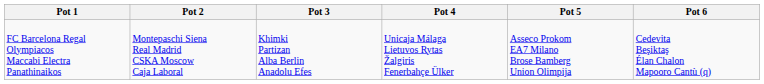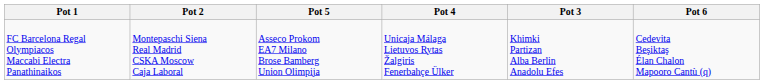 <table class="wikitable" style="width:98%">
 <tr>
 <th width=16%><strong>Pot 1</strong></th>
 <th width=16%><strong>Pot 2</strong></th>
+<th width=16%><strong>Pot 5</strong></th>
+<th width=16%><strong>Pot 4</strong></th>
 <th width=16%><strong>Pot 3</strong></th>
-<th width=16%><strong>Pot 4</strong></th>
-<th width=16%><strong>Pot 5</strong></th>
 <th width=16%><strong>Pot 6</strong></th>
 </tr>
 <tr>
 <td><br> <a href='#'>FC Barcelona Regal</a> <br>  <a href='#'>Olympiacos</a><br>  <a href='#'>Maccabi Electra</a><br>  <a href='#'>Panathinaikos</a><br></td>
 <td><br> <a href='#'>Montepaschi Siena</a><br>  <a href='#'>Real Madrid</a><br>  <a href='#'>CSKA Moscow</a><br>  <a href='#'>Caja Laboral</a><br></td>
+<td><br> <a href='#'>Asseco Prokom</a> <br>  <a href='#'>EA7 Milano</a><br>  <a href='#'>Brose Bamberg</a><br>  <a href='#'>Union Olimpija</a> <br></td>
+<td><br> <a href='#'>Unicaja Málaga</a><br>  <a href='#'>Lietuvos Rytas</a><br>  <a href='#'>Žalgiris</a><br>  <a href='#'>Fenerbahçe Ülker</a></td>
 <td><br> <a href='#'>Khimki</a><br>  <a href='#'>Partizan</a><br>  <a href='#'>Alba Berlin</a><br>  <a href='#'>Anadolu Efes</a></td>
-<td><br> <a href='#'>Unicaja Málaga</a><br>  <a href='#'>Lietuvos Rytas</a><br>  <a href='#'>Žalgiris</a><br>  <a href='#'>Fenerbahçe Ülker</a></td>
-<td><br> <a href='#'>Asseco Prokom</a> <br>  <a href='#'>EA7 Milano</a><br>  <a href='#'>Brose Bamberg</a><br>  <a href='#'>Union Olimpija</a> <br></td>
 <td><br> <a href='#'>Cedevita</a> <br>  <a href='#'>Beşiktaş</a><br>  <a href='#'>Élan Chalon</a><br>  <a href='#'>Mapooro Cantù (q)</a><br></td>
 </tr>
 </table>
